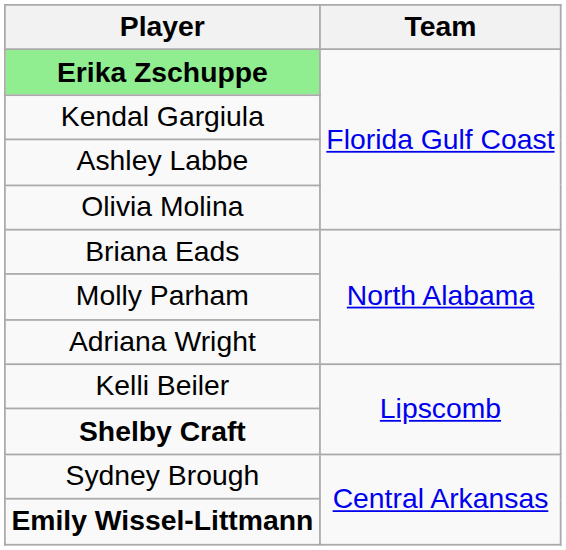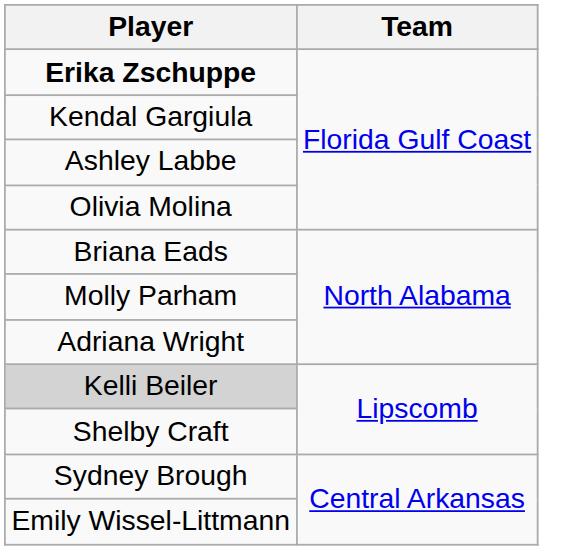 <table class="wikitable" style="text-align: center;">
 <tr>
 <th>Player</th>
 <th>Team</th>
 </tr>
 <tr>
-<td style="background: lightgreen;"><strong>Erika Zschuppe</strong></td>
+<td><strong>Erika Zschuppe</strong></td>
 <td rowspan=4><a href='#'>Florida Gulf Coast</a></td>
 </tr>
 <tr>
 <td>Kendal Gargiula</td>
 </tr>
 <tr>
 <td>Ashley Labbe</td>
 </tr>
 <tr>
 <td>Olivia Molina</td>
 </tr>
 <tr>
 <td>Briana Eads</td>
 <td rowspan=3><a href='#'>North Alabama</a></td>
 </tr>
 <tr>
 <td>Molly Parham</td>
 </tr>
 <tr>
 <td>Adriana Wright</td>
 </tr>
 <tr>
-<td>Kelli Beiler</td>
+<td style="background: lightgrey;">Kelli Beiler</td>
 <td rowspan=2><a href='#'>Lipscomb</a></td>
 </tr>
 <tr>
-<td><strong>Shelby Craft</strong></td>
+<td>Shelby Craft</td>
 </tr>
 <tr>
 <td>Sydney Brough</td>
 <td rowspan=2><a href='#'>Central Arkansas</a></td>
 </tr>
 <tr>
-<td><strong>Emily Wissel-Littmann</strong></td>
+<td>Emily Wissel-Littmann</td>
 </tr>
 </table>
